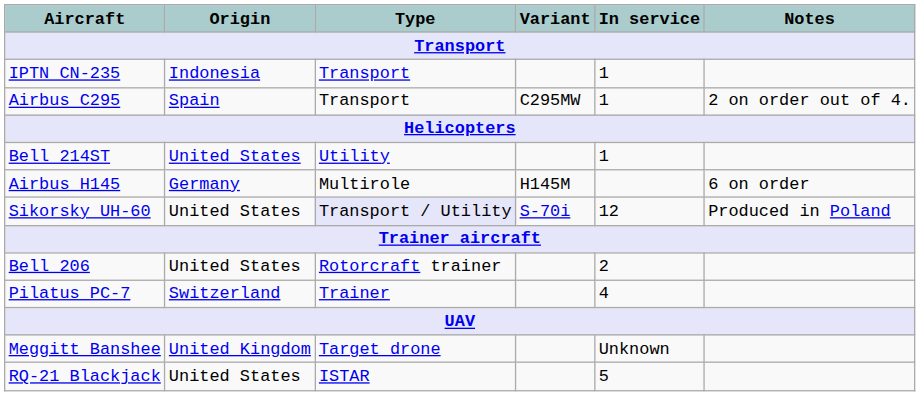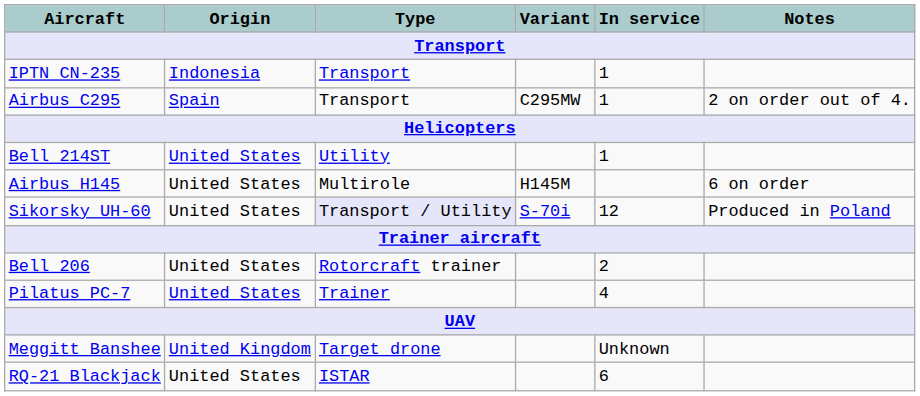 <table class="wikitable">
 <tr>
 <th style="text-align:center; background:#acc;">Aircraft</th>
 <th style="text-align: center; background:#acc;">Origin</th>
 <th style="text-align:l center; background:#acc;">Type</th>
 <th style="text-align:left; background:#acc;">Variant</th>
 <th style="text-align:center; background:#acc;">In service</th>
 <th style="text-align: center; background:#acc;">Notes</th>
 </tr>
 <tr>
 <th colspan="6" style="align: center; background: lavender;"><a href='#'>Transport</a></th>
 </tr>
 <tr>
 <td><a href='#'>IPTN CN-235</a></td>
 <td><a href='#'>Indonesia</a></td>
 <td><a href='#'>Transport</a></td>
 <td></td>
 <td>1</td>
 <td></td>
 </tr>
 <tr>
 <td><a href='#'>Airbus C295</a></td>
 <td><a href='#'>Spain</a></td>
 <td>Transport</td>
 <td>C295MW</td>
 <td>1</td>
 <td>2 on order out of 4.</td>
 </tr>
 <tr>
 <th colspan="6" style="align: center; background: lavender;"><a href='#'>Helicopters</a></th>
 </tr>
 <tr>
 <td><a href='#'>Bell 214ST</a></td>
 <td><a href='#'>United States</a></td>
 <td><a href='#'>Utility</a></td>
 <td></td>
 <td>1</td>
 <td></td>
 </tr>
 <tr>
 <td><a href='#'>Airbus H145</a></td>
-<td><a href='#'>Germany</a></td>
+<td>United States</td>
 <td>Multirole</td>
 <td>H145M</td>
 <td></td>
 <td>6 on order</td>
 </tr>
 <tr>
 <td><a href='#'>Sikorsky UH-60</a></td>
 <td>United States</td>
 <td style="background: lavender;">Transport / Utility</td>
 <td><a href='#'>S-70i</a></td>
 <td>12</td>
 <td>Produced in <a href='#'>Poland</a></td>
 </tr>
 <tr>
 <th colspan="6" style="align: center; background: lavender;"><a href='#'>Trainer aircraft</a></th>
 </tr>
 <tr>
 <td><a href='#'>Bell 206</a></td>
 <td>United States</td>
 <td><a href='#'>Rotorcraft</a> trainer</td>
 <td></td>
 <td>2</td>
 <td></td>
 </tr>
 <tr>
 <td><a href='#'>Pilatus PC-7</a></td>
-<td><a href='#'>Switzerland</a></td>
+<td><a href='#'>United States</a></td>
 <td><a href='#'>Trainer</a></td>
 <td></td>
 <td>4</td>
 <td></td>
 </tr>
 <tr>
 <th colspan="6" style="align: center; background: lavender;"><a href='#'>UAV</a></th>
 </tr>
 <tr>
 <td><a href='#'>Meggitt Banshee</a></td>
 <td><a href='#'>United Kingdom</a></td>
 <td><a href='#'>Target drone</a></td>
 <td></td>
 <td>Unknown</td>
 <td></td>
 </tr>
 <tr>
 <td><a href='#'>RQ-21 Blackjack</a></td>
 <td>United States</td>
 <td><a href='#'>ISTAR</a></td>
 <td></td>
-<td>5</td>
+<td>6</td>
 <td></td>
 </tr>
 </table>
